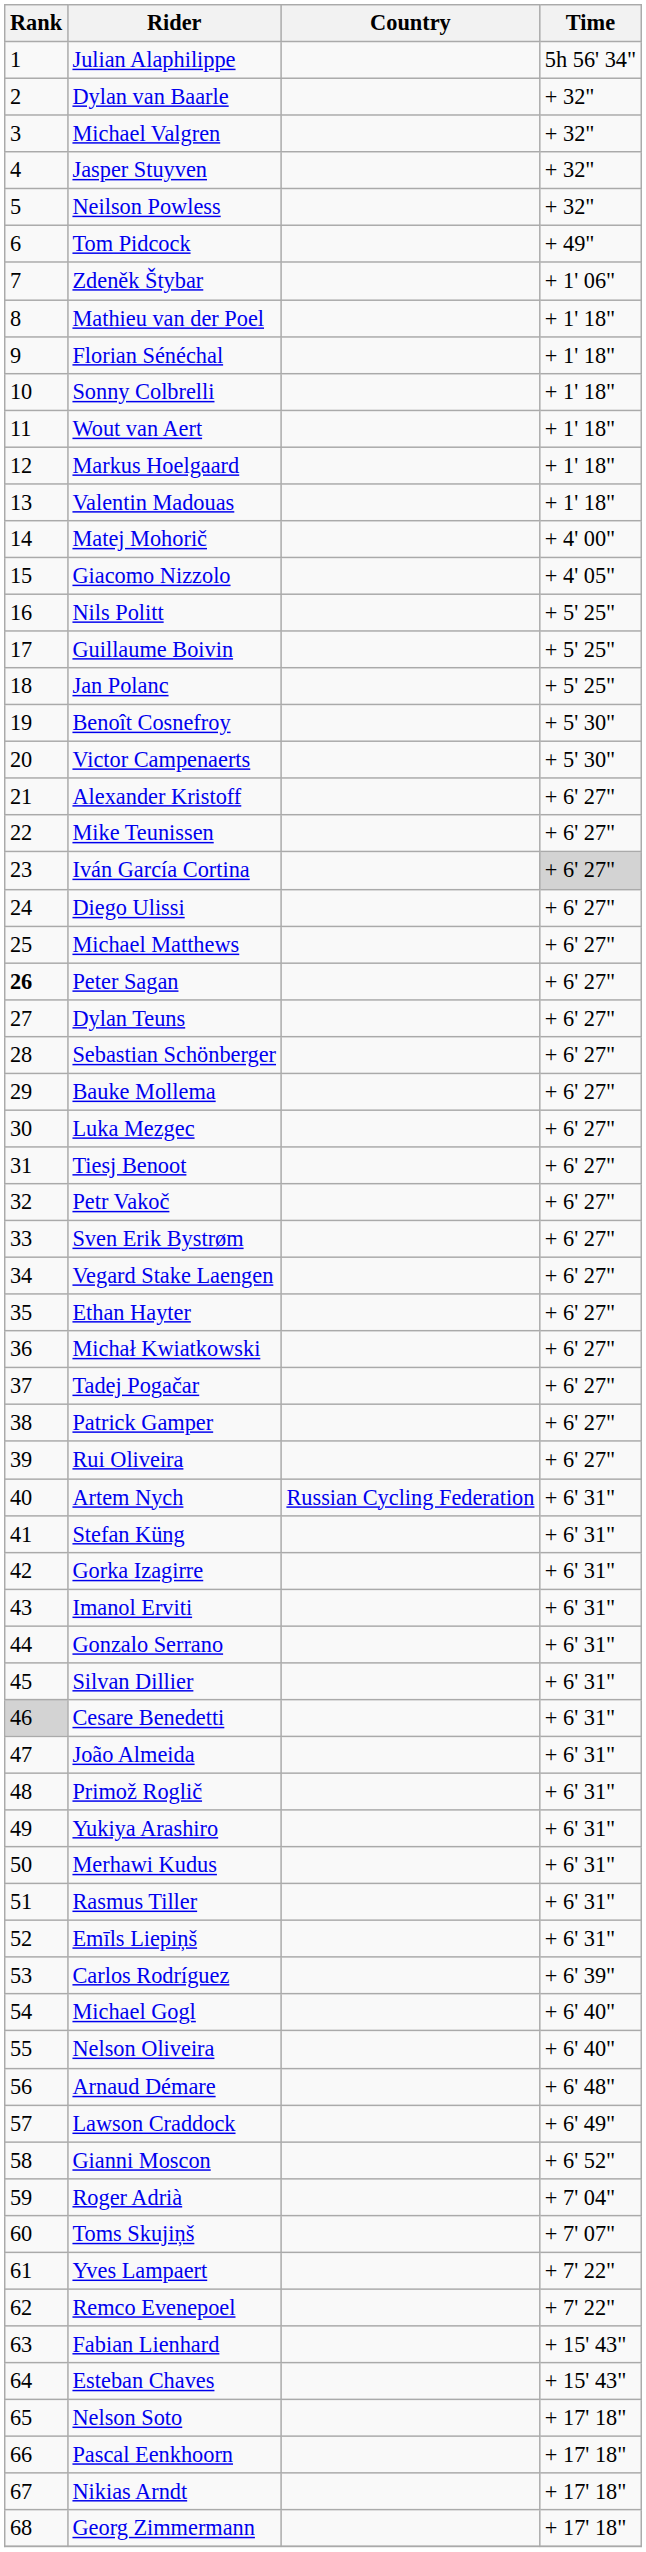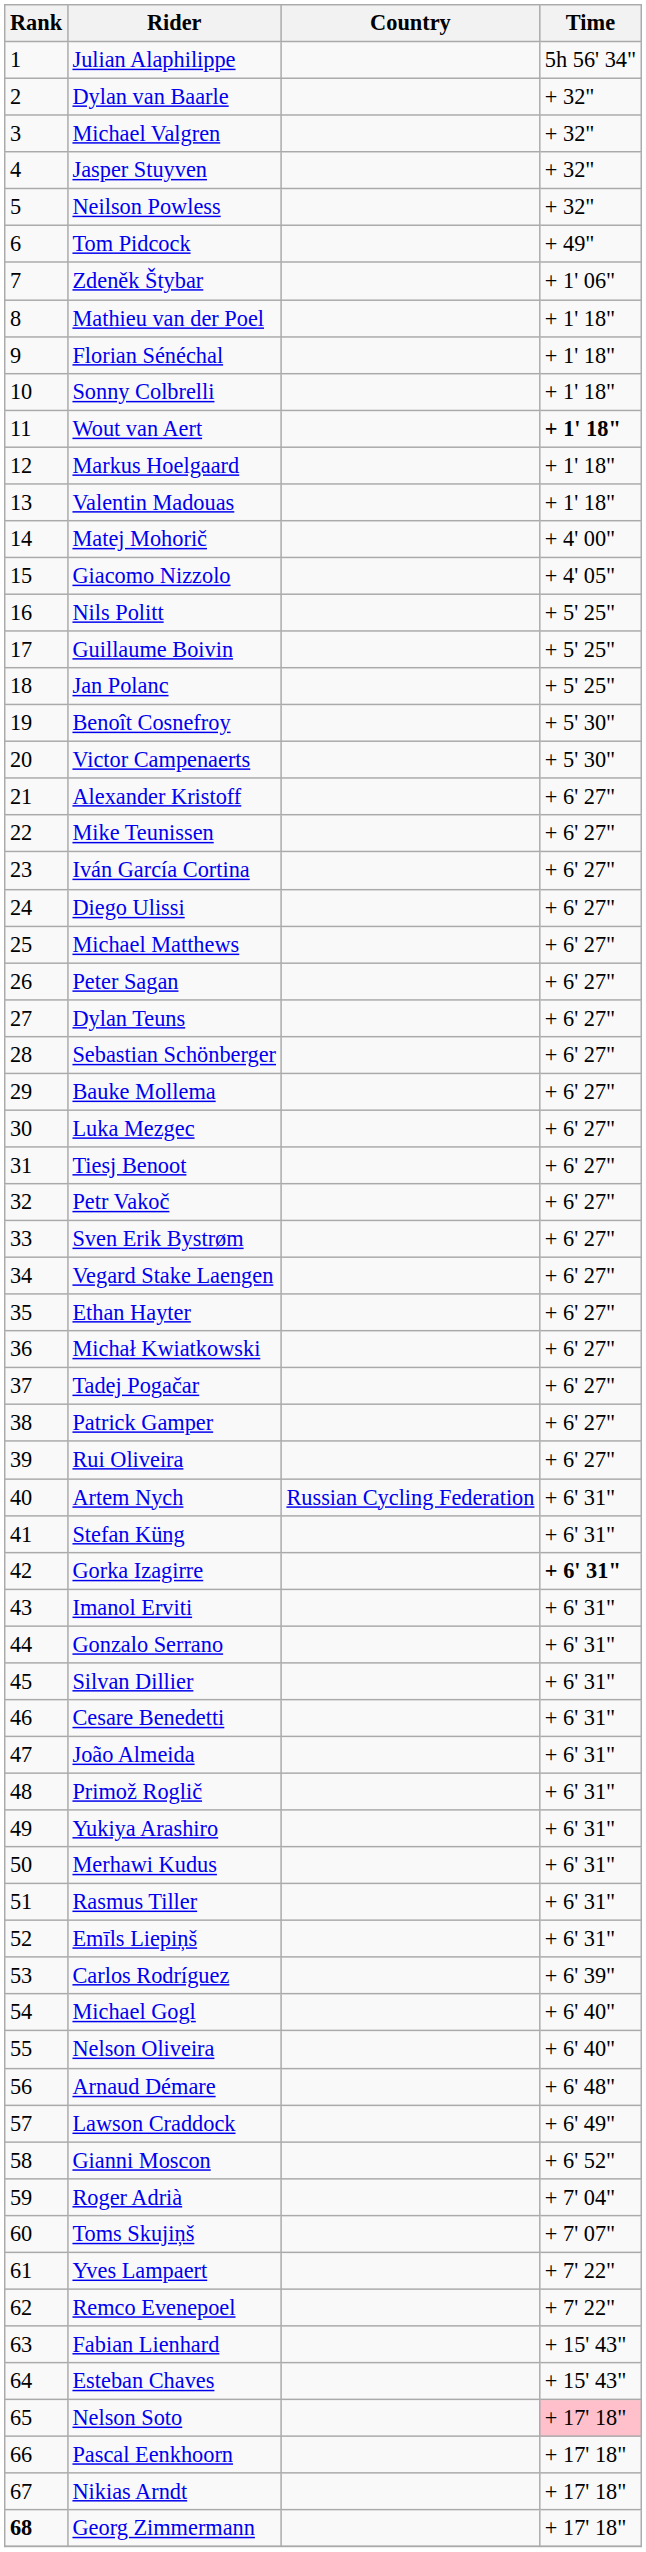 <table class="wikitable sortable" style="font-size:95%; text-align:left;">
 <tr>
 <th>Rank</th>
 <th>Rider</th>
 <th>Country</th>
 <th>Time</th>
 </tr>
 <tr>
 <td>1</td>
 <td><a href='#'>Julian Alaphilippe</a></td>
 <td></td>
 <td>5h 56' 34"</td>
 </tr>
 <tr>
 <td>2</td>
 <td><a href='#'>Dylan van Baarle</a></td>
 <td></td>
 <td>+ 32"</td>
 </tr>
 <tr>
 <td>3</td>
 <td><a href='#'>Michael Valgren</a></td>
 <td></td>
 <td>+ 32"</td>
 </tr>
 <tr>
 <td>4</td>
 <td><a href='#'>Jasper Stuyven</a></td>
 <td></td>
 <td>+ 32"</td>
 </tr>
 <tr>
 <td>5</td>
 <td><a href='#'>Neilson Powless</a></td>
 <td></td>
 <td>+ 32"</td>
 </tr>
 <tr>
 <td>6</td>
 <td><a href='#'>Tom Pidcock</a></td>
 <td></td>
 <td>+ 49"</td>
 </tr>
 <tr>
 <td>7</td>
 <td><a href='#'>Zdeněk Štybar</a></td>
 <td></td>
 <td>+ 1' 06"</td>
 </tr>
 <tr>
 <td>8</td>
 <td><a href='#'>Mathieu van der Poel</a></td>
 <td></td>
 <td>+ 1' 18"</td>
 </tr>
 <tr>
 <td>9</td>
 <td><a href='#'>Florian Sénéchal</a></td>
 <td></td>
 <td>+ 1' 18"</td>
 </tr>
 <tr>
 <td>10</td>
 <td><a href='#'>Sonny Colbrelli</a></td>
 <td></td>
 <td>+ 1' 18"</td>
 </tr>
 <tr>
 <td>11</td>
 <td><a href='#'>Wout van Aert</a></td>
 <td></td>
-<td>+ 1' 18"</td>
+<td><strong>+ 1' 18"</strong></td>
 </tr>
 <tr>
 <td>12</td>
 <td><a href='#'>Markus Hoelgaard</a></td>
 <td></td>
 <td>+ 1' 18"</td>
 </tr>
 <tr>
 <td>13</td>
 <td><a href='#'>Valentin Madouas</a></td>
 <td></td>
 <td>+ 1' 18"</td>
 </tr>
 <tr>
 <td>14</td>
 <td><a href='#'>Matej Mohorič</a></td>
 <td></td>
 <td>+ 4' 00"</td>
 </tr>
 <tr>
 <td>15</td>
 <td><a href='#'>Giacomo Nizzolo</a></td>
 <td></td>
 <td>+ 4' 05"</td>
 </tr>
 <tr>
 <td>16</td>
 <td><a href='#'>Nils Politt</a></td>
 <td></td>
 <td>+ 5' 25"</td>
 </tr>
 <tr>
 <td>17</td>
 <td><a href='#'>Guillaume Boivin</a></td>
 <td></td>
 <td>+ 5' 25"</td>
 </tr>
 <tr>
 <td>18</td>
 <td><a href='#'>Jan Polanc</a></td>
 <td></td>
 <td>+ 5' 25"</td>
 </tr>
 <tr>
 <td>19</td>
 <td><a href='#'>Benoît Cosnefroy</a></td>
 <td></td>
 <td>+ 5' 30"</td>
 </tr>
 <tr>
 <td>20</td>
 <td><a href='#'>Victor Campenaerts</a></td>
 <td></td>
 <td>+ 5' 30"</td>
 </tr>
 <tr>
 <td>21</td>
 <td><a href='#'>Alexander Kristoff</a></td>
 <td></td>
 <td>+ 6' 27"</td>
 </tr>
 <tr>
 <td>22</td>
 <td><a href='#'>Mike Teunissen</a></td>
 <td></td>
 <td>+ 6' 27"</td>
 </tr>
 <tr>
 <td>23</td>
 <td><a href='#'>Iván García Cortina</a></td>
 <td></td>
-<td style="background: lightgrey;">+ 6' 27"</td>
+<td>+ 6' 27"</td>
 </tr>
 <tr>
 <td>24</td>
 <td><a href='#'>Diego Ulissi</a></td>
 <td></td>
 <td>+ 6' 27"</td>
 </tr>
 <tr>
 <td>25</td>
 <td><a href='#'>Michael Matthews</a></td>
 <td></td>
 <td>+ 6' 27"</td>
 </tr>
 <tr>
-<td><strong>26</strong></td>
+<td>26</td>
 <td><a href='#'>Peter Sagan</a></td>
 <td></td>
 <td>+ 6' 27"</td>
 </tr>
 <tr>
 <td>27</td>
 <td><a href='#'>Dylan Teuns</a></td>
 <td></td>
 <td>+ 6' 27"</td>
 </tr>
 <tr>
 <td>28</td>
 <td><a href='#'>Sebastian Schönberger</a></td>
 <td></td>
 <td>+ 6' 27"</td>
 </tr>
 <tr>
 <td>29</td>
 <td><a href='#'>Bauke Mollema</a></td>
 <td></td>
 <td>+ 6' 27"</td>
 </tr>
 <tr>
 <td>30</td>
 <td><a href='#'>Luka Mezgec</a></td>
 <td></td>
 <td>+ 6' 27"</td>
 </tr>
 <tr>
 <td>31</td>
 <td><a href='#'>Tiesj Benoot</a></td>
 <td></td>
 <td>+ 6' 27"</td>
 </tr>
 <tr>
 <td>32</td>
 <td><a href='#'>Petr Vakoč</a></td>
 <td></td>
 <td>+ 6' 27"</td>
 </tr>
 <tr>
 <td>33</td>
 <td><a href='#'>Sven Erik Bystrøm</a></td>
 <td></td>
 <td>+ 6' 27"</td>
 </tr>
 <tr>
 <td>34</td>
 <td><a href='#'>Vegard Stake Laengen</a></td>
 <td></td>
 <td>+ 6' 27"</td>
 </tr>
 <tr>
 <td>35</td>
 <td><a href='#'>Ethan Hayter</a></td>
 <td></td>
 <td>+ 6' 27"</td>
 </tr>
 <tr>
 <td>36</td>
 <td><a href='#'>Michał Kwiatkowski</a></td>
 <td></td>
 <td>+ 6' 27"</td>
 </tr>
 <tr>
 <td>37</td>
 <td><a href='#'>Tadej Pogačar</a></td>
 <td></td>
 <td>+ 6' 27"</td>
 </tr>
 <tr>
 <td>38</td>
 <td><a href='#'>Patrick Gamper</a></td>
 <td></td>
 <td>+ 6' 27"</td>
 </tr>
 <tr>
 <td>39</td>
 <td><a href='#'>Rui Oliveira</a></td>
 <td></td>
 <td>+ 6' 27"</td>
 </tr>
 <tr>
 <td>40</td>
 <td><a href='#'>Artem Nych</a></td>
 <td><a href='#'>Russian Cycling Federation</a></td>
 <td>+ 6' 31"</td>
 </tr>
 <tr>
 <td>41</td>
 <td><a href='#'>Stefan Küng</a></td>
 <td></td>
 <td>+ 6' 31"</td>
 </tr>
 <tr>
 <td>42</td>
 <td><a href='#'>Gorka Izagirre</a></td>
 <td></td>
-<td>+ 6' 31"</td>
+<td><strong>+ 6' 31"</strong></td>
 </tr>
 <tr>
 <td>43</td>
 <td><a href='#'>Imanol Erviti</a></td>
 <td></td>
 <td>+ 6' 31"</td>
 </tr>
 <tr>
 <td>44</td>
 <td><a href='#'>Gonzalo Serrano</a></td>
 <td></td>
 <td>+ 6' 31"</td>
 </tr>
 <tr>
 <td>45</td>
 <td><a href='#'>Silvan Dillier</a></td>
 <td></td>
 <td>+ 6' 31"</td>
 </tr>
 <tr>
-<td style="background: lightgrey;">46</td>
+<td>46</td>
 <td><a href='#'>Cesare Benedetti</a></td>
 <td></td>
 <td>+ 6' 31"</td>
 </tr>
 <tr>
 <td>47</td>
 <td><a href='#'>João Almeida</a></td>
 <td></td>
 <td>+ 6' 31"</td>
 </tr>
 <tr>
 <td>48</td>
 <td><a href='#'>Primož Roglič</a></td>
 <td></td>
 <td>+ 6' 31"</td>
 </tr>
 <tr>
 <td>49</td>
 <td><a href='#'>Yukiya Arashiro</a></td>
 <td></td>
 <td>+ 6' 31"</td>
 </tr>
 <tr>
 <td>50</td>
 <td><a href='#'>Merhawi Kudus</a></td>
 <td></td>
 <td>+ 6' 31"</td>
 </tr>
 <tr>
 <td>51</td>
 <td><a href='#'>Rasmus Tiller</a></td>
 <td></td>
 <td>+ 6' 31"</td>
 </tr>
 <tr>
 <td>52</td>
 <td><a href='#'>Emīls Liepiņš</a></td>
 <td></td>
 <td>+ 6' 31"</td>
 </tr>
 <tr>
 <td>53</td>
 <td><a href='#'>Carlos Rodríguez</a></td>
 <td></td>
 <td>+ 6' 39"</td>
 </tr>
 <tr>
 <td>54</td>
 <td><a href='#'>Michael Gogl</a></td>
 <td></td>
 <td>+ 6' 40"</td>
 </tr>
 <tr>
 <td>55</td>
 <td><a href='#'>Nelson Oliveira</a></td>
 <td></td>
 <td>+ 6' 40"</td>
 </tr>
 <tr>
 <td>56</td>
 <td><a href='#'>Arnaud Démare</a></td>
 <td></td>
 <td>+ 6' 48"</td>
 </tr>
 <tr>
 <td>57</td>
 <td><a href='#'>Lawson Craddock</a></td>
 <td></td>
 <td>+ 6' 49"</td>
 </tr>
 <tr>
 <td>58</td>
 <td><a href='#'>Gianni Moscon</a></td>
 <td></td>
 <td>+ 6' 52"</td>
 </tr>
 <tr>
 <td>59</td>
 <td><a href='#'>Roger Adrià</a></td>
 <td></td>
 <td>+ 7' 04"</td>
 </tr>
 <tr>
 <td>60</td>
 <td><a href='#'>Toms Skujiņš</a></td>
 <td></td>
 <td>+ 7' 07"</td>
 </tr>
 <tr>
 <td>61</td>
 <td><a href='#'>Yves Lampaert</a></td>
 <td></td>
 <td>+ 7' 22"</td>
 </tr>
 <tr>
 <td>62</td>
 <td><a href='#'>Remco Evenepoel</a></td>
 <td></td>
 <td>+ 7' 22"</td>
 </tr>
 <tr>
 <td>63</td>
 <td><a href='#'>Fabian Lienhard</a></td>
 <td></td>
 <td>+ 15' 43"</td>
 </tr>
 <tr>
 <td>64</td>
 <td><a href='#'>Esteban Chaves</a></td>
 <td></td>
 <td>+ 15' 43"</td>
 </tr>
 <tr>
 <td>65</td>
 <td><a href='#'>Nelson Soto</a></td>
 <td></td>
-<td>+ 17' 18"</td>
+<td style="background: pink;">+ 17' 18"</td>
 </tr>
 <tr>
 <td>66</td>
 <td><a href='#'>Pascal Eenkhoorn</a></td>
 <td></td>
 <td>+ 17' 18"</td>
 </tr>
 <tr>
 <td>67</td>
 <td><a href='#'>Nikias Arndt</a></td>
 <td></td>
 <td>+ 17' 18"</td>
 </tr>
 <tr>
-<td>68</td>
+<td><strong>68</strong></td>
 <td><a href='#'>Georg Zimmermann</a></td>
 <td></td>
 <td>+ 17' 18"</td>
 </tr>
 <tr>
 </tr>
 </table>
